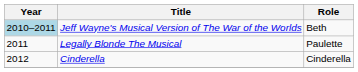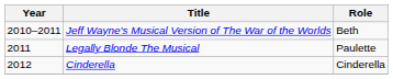 <table class="wikitable">
 <tr>
 <th>Year</th>
 <th>Title</th>
 <th>Role</th>
 </tr>
 <tr>
-<td style="background: lightblue;">2010–2011</td>
+<td>2010–2011</td>
 <td><em><a href='#'>Jeff Wayne's Musical Version of The War of the Worlds</a></em></td>
 <td>Beth</td>
 </tr>
 <tr>
 <td>2011</td>
 <td><em><a href='#'>Legally Blonde The Musical</a></em></td>
 <td>Paulette</td>
 </tr>
 <tr>
 <td>2012</td>
 <td><em><a href='#'>Cinderella</a></em></td>
 <td>Cinderella</td>
 </tr>
 <tr>
 </tr>
 </table>
